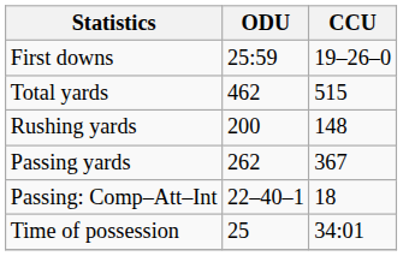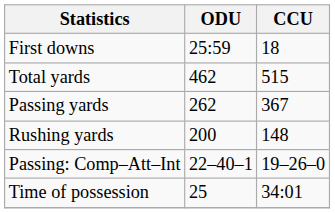 <table class="wikitable" style="float: left;">
 <tr>
 <th>Statistics</th>
 <th>ODU</th>
 <th>CCU</th>
 </tr>
 <tr>
 <td>First downs</td>
 <td>25:59</td>
-<td>19–26–0</td>
+<td>18</td>
 </tr>
 <tr>
 <td>Total yards</td>
 <td>462</td>
 <td>515</td>
 </tr>
 <tr>
+<td>Passing yards</td>
+<td>262</td>
+<td>367</td>
+</tr>
+<tr>
 <td>Rushing yards</td>
 <td>200</td>
 <td>148</td>
 </tr>
 <tr>
-<td>Passing yards</td>
-<td>262</td>
-<td>367</td>
-</tr>
-<tr>
 <td>Passing: Comp–Att–Int</td>
 <td>22–40–1</td>
-<td>18</td>
+<td>19–26–0</td>
 </tr>
 <tr>
 <td>Time of possession</td>
 <td>25</td>
 <td>34:01</td>
 </tr>
 <tr>
 </tr>
 </table>
